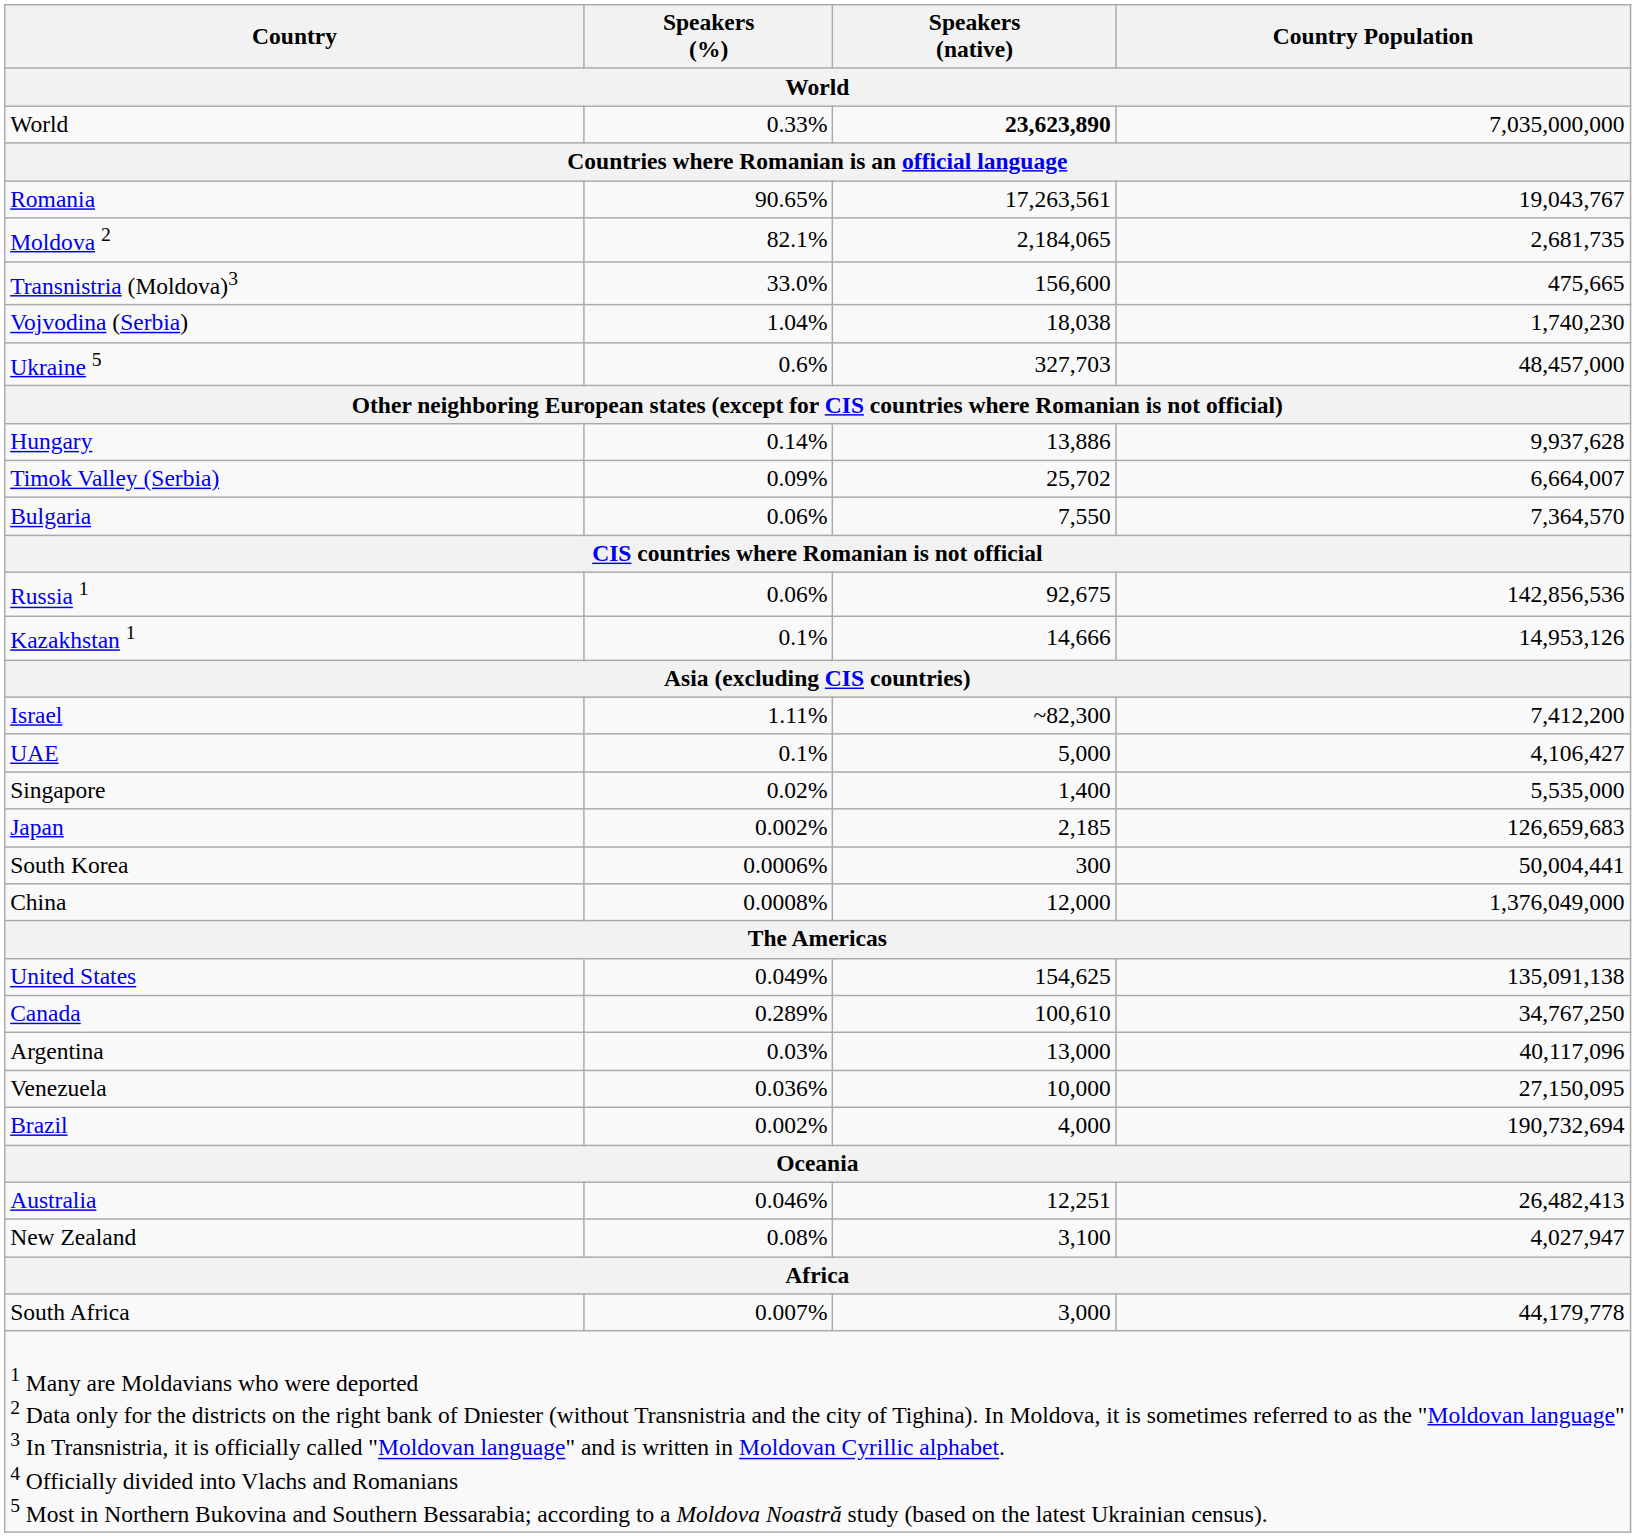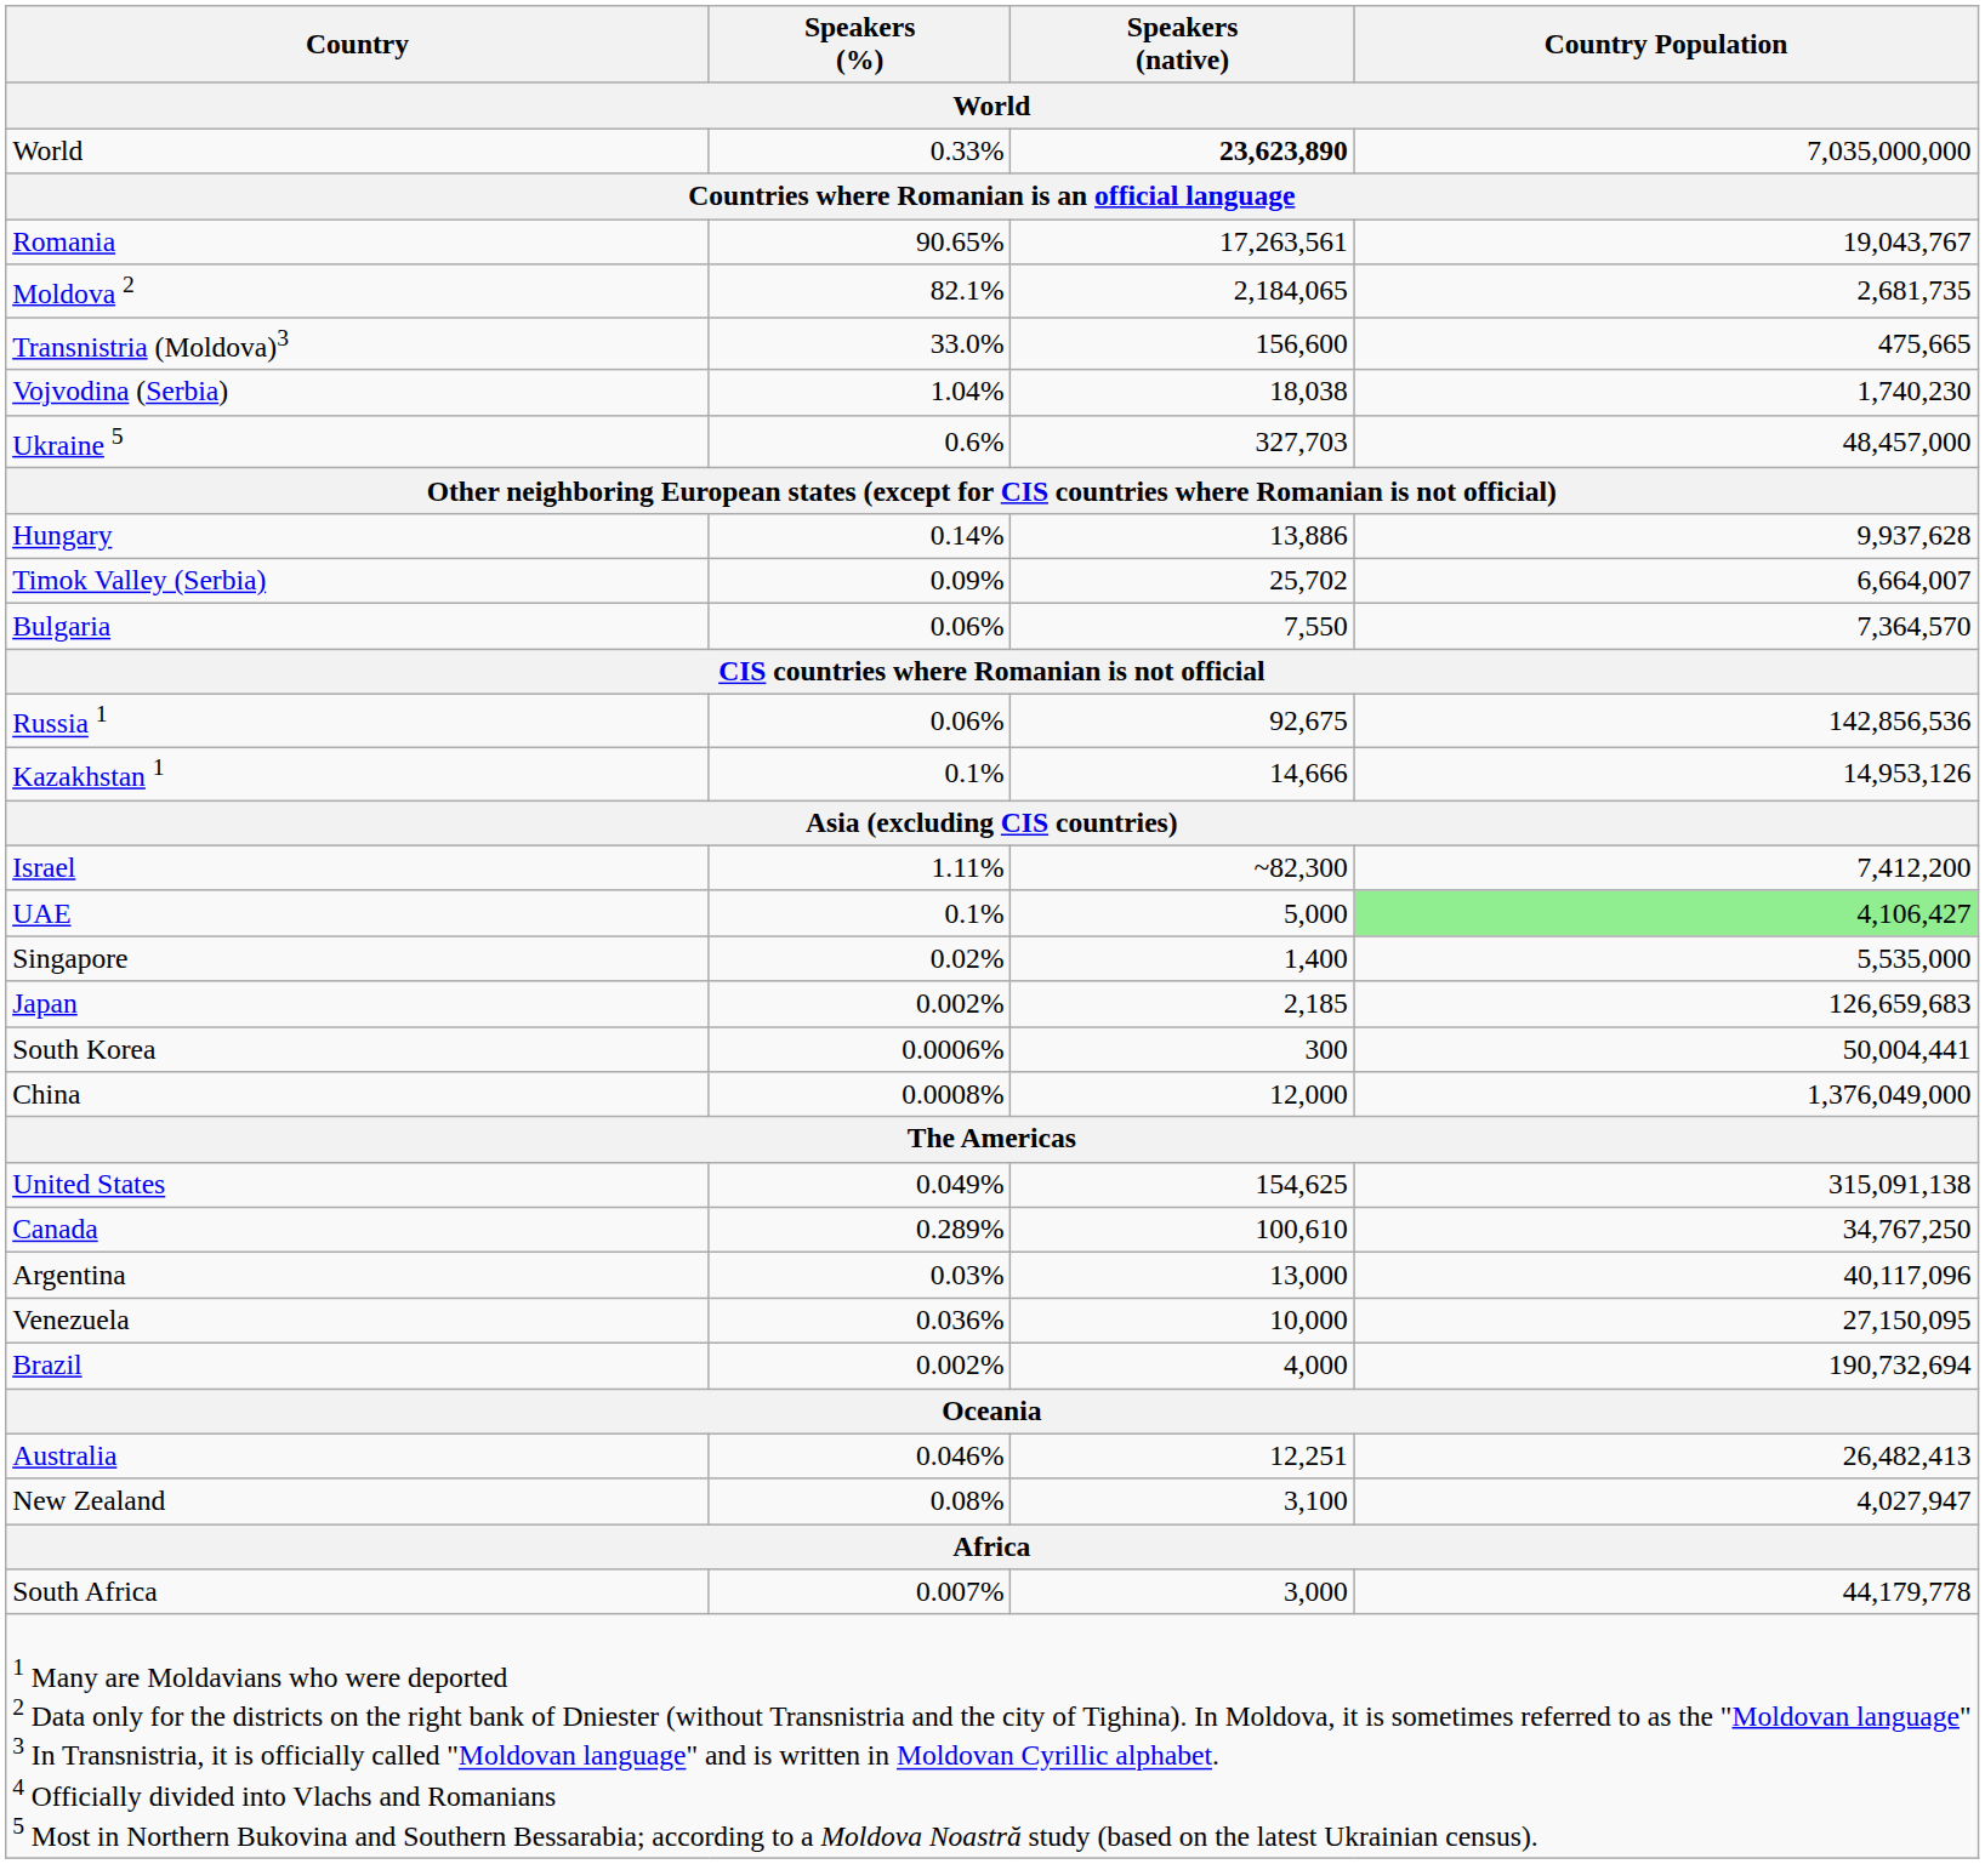 <table class="wikitable">
 <tr>
 <th>Country</th>
 <th>Speakers <br> (%)</th>
 <th>Speakers <br>(native)</th>
 <th>Country Population</th>
 </tr>
 <tr>
 <th colspan="4">World</th>
 </tr>
 <tr>
 <td>World</td>
 <td style="text-align:right;">0.33%</td>
 <td style="text-align:right;"><strong>23,623,890</strong></td>
 <td style="text-align:right;">7,035,000,000</td>
 </tr>
 <tr>
 <th colspan="4">Countries where Romanian is an <a href='#'>official language</a></th>
 </tr>
 <tr>
 <td><a href='#'>Romania</a></td>
 <td style="text-align:right;">90.65%</td>
 <td style="text-align:right;">17,263,561</td>
 <td style="text-align:right;">19,043,767</td>
 </tr>
 <tr>
 <td><a href='#'>Moldova</a> <sup>2</sup></td>
 <td style="text-align:right;">82.1%</td>
 <td style="text-align:right;">2,184,065</td>
 <td style="text-align:right;">2,681,735</td>
 </tr>
 <tr>
 <td><a href='#'>Transnistria</a> (Moldova)<sup>3</sup></td>
 <td style="text-align:right;">33.0%</td>
 <td style="text-align:right;">156,600</td>
 <td style="text-align:right;">475,665</td>
 </tr>
 <tr>
 <td><a href='#'>Vojvodina</a> (<a href='#'>Serbia</a>)</td>
 <td style="text-align:right;">1.04%</td>
 <td style="text-align:right;">18,038</td>
 <td style="text-align:right;">1,740,230</td>
 </tr>
 <tr>
 <td><a href='#'>Ukraine</a> <sup>5</sup></td>
 <td style="text-align:right;">0.6%</td>
 <td style="text-align:right;">327,703</td>
 <td style="text-align:right;">48,457,000</td>
 </tr>
 <tr>
 <th colspan="4">Other neighboring European states (except for <a href='#'>CIS</a> countries where Romanian is not official)</th>
 </tr>
 <tr>
 <td><a href='#'>Hungary</a></td>
 <td style="text-align:right;">0.14%</td>
 <td style="text-align:right;">13,886</td>
 <td style="text-align:right;">9,937,628</td>
 </tr>
 <tr>
 <td><a href='#'>Timok Valley (Serbia)</a></td>
 <td style="text-align:right;">0.09%</td>
 <td style="text-align:right;">25,702</td>
 <td style="text-align:right;">6,664,007</td>
 </tr>
 <tr>
 <td><a href='#'>Bulgaria</a></td>
 <td style="text-align:right;">0.06%</td>
 <td style="text-align:right;">7,550</td>
 <td style="text-align:right;">7,364,570</td>
 </tr>
 <tr>
 <th colspan="4"><a href='#'>CIS</a> countries where Romanian is not official</th>
 </tr>
 <tr>
 <td><a href='#'>Russia</a> <sup>1</sup></td>
 <td style="text-align:right;">0.06%</td>
 <td style="text-align:right;">92,675</td>
 <td style="text-align:right;">142,856,536</td>
 </tr>
 <tr>
 <td><a href='#'>Kazakhstan</a> <sup>1</sup></td>
 <td style="text-align:right;">0.1%</td>
 <td style="text-align:right;">14,666</td>
 <td style="text-align:right;">14,953,126</td>
 </tr>
 <tr>
 <th colspan="4">Asia (excluding <a href='#'>CIS</a> countries)</th>
 </tr>
 <tr>
 <td><a href='#'>Israel</a></td>
 <td style="text-align:right;">1.11%</td>
 <td style="text-align:right;">~82,300</td>
 <td style="text-align:right;">7,412,200</td>
 </tr>
 <tr>
 <td><a href='#'>UAE</a></td>
 <td style="text-align:right;">0.1%</td>
 <td style="text-align:right;">5,000</td>
-<td style="text-align:right;">4,106,427</td>
+<td style="background: lightgreen; text-align:right;">4,106,427</td>
 </tr>
 <tr>
 <td>Singapore</td>
 <td style="text-align:right;">0.02%</td>
 <td style="text-align:right;">1,400</td>
 <td style="text-align:right;">5,535,000</td>
 </tr>
 <tr>
 <td><a href='#'>Japan</a></td>
 <td style="text-align:right;">0.002%</td>
 <td style="text-align:right;">2,185</td>
 <td style="text-align:right;">126,659,683</td>
 </tr>
 <tr>
 <td>South Korea</td>
 <td style="text-align:right;">0.0006%</td>
 <td style="text-align:right;">300</td>
 <td style="text-align:right;">50,004,441</td>
 </tr>
 <tr>
 <td>China</td>
 <td style="text-align:right;">0.0008%</td>
 <td style="text-align:right;">12,000</td>
 <td style="text-align:right;">1,376,049,000</td>
 </tr>
 <tr>
 <th colspan="4">The Americas</th>
 </tr>
 <tr>
 <td><a href='#'>United States</a></td>
 <td style="text-align:right;">0.049%</td>
 <td style="text-align:right;">154,625</td>
-<td style="text-align:right;">135,091,138</td>
+<td style="text-align:right;">315,091,138</td>
 </tr>
 <tr>
 <td><a href='#'>Canada</a></td>
 <td style="text-align:right;">0.289%</td>
 <td style="text-align:right;">100,610</td>
 <td style="text-align:right;">34,767,250</td>
 </tr>
 <tr>
 <td>Argentina</td>
 <td style="text-align:right;">0.03%</td>
 <td style="text-align:right;">13,000</td>
 <td style="text-align:right;">40,117,096</td>
 </tr>
 <tr>
 <td>Venezuela</td>
 <td style="text-align:right;">0.036%</td>
 <td style="text-align:right;">10,000</td>
 <td style="text-align:right;">27,150,095</td>
 </tr>
 <tr>
 <td><a href='#'>Brazil</a></td>
 <td style="text-align:right;">0.002%</td>
 <td style="text-align:right;">4,000</td>
 <td style="text-align:right;">190,732,694</td>
 </tr>
 <tr>
 <th colspan="4">Oceania</th>
 </tr>
 <tr>
 <td><a href='#'>Australia</a></td>
 <td style="text-align:right;">0.046%</td>
 <td style="text-align:right;">12,251</td>
 <td style="text-align:right;">26,482,413</td>
 </tr>
 <tr>
 <td>New Zealand</td>
 <td style="text-align:right;">0.08%</td>
 <td style="text-align:right;">3,100</td>
 <td style="text-align:right;">4,027,947</td>
 </tr>
 <tr>
 <th colspan="4">Africa</th>
 </tr>
 <tr>
 <td>South Africa</td>
 <td style="text-align:right;">0.007%</td>
 <td style="text-align:right;">3,000</td>
 <td style="text-align:right;">44,179,778</td>
 </tr>
 <tr>
 <td colspan="4" style="text-align:left;"><br><sup>1</sup> Many are Moldavians who were deported<br> <sup>2</sup> Data only for the districts on the right bank of Dniester (without Transnistria and the city of Tighina). In Moldova, it is sometimes referred to as the "<a href='#'>Moldovan language</a>"<br> <sup>3</sup> In Transnistria, it is officially called "<a href='#'>Moldovan language</a>" and is written in <a href='#'>Moldovan Cyrillic alphabet</a>.<br> <sup>4</sup> Officially divided into Vlachs and Romanians<br> <sup>5</sup> Most in Northern Bukovina and Southern Bessarabia; according to a <em>Moldova Noastră</em> study (based on the latest Ukrainian census).</td>
 </tr>
 </table>
